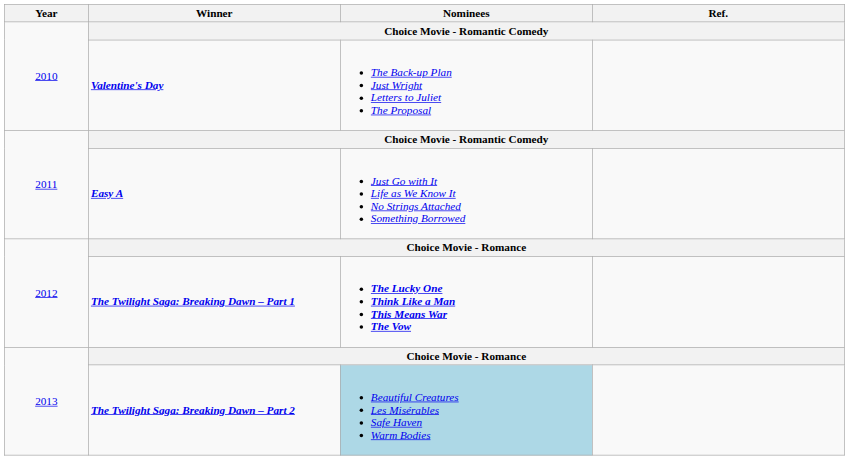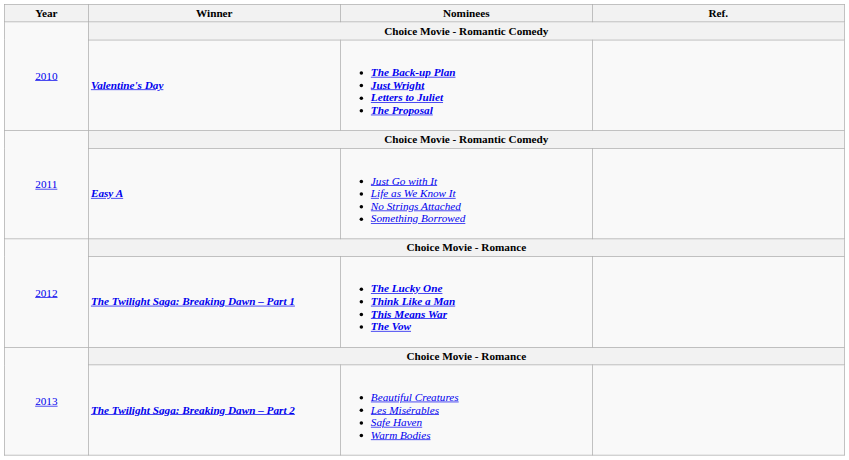 <table class="wikitable" width="95%" cellpadding="5">
 <tr>
 <th width="10%">Year</th>
 <th width="30%">Winner</th>
 <th width="30%">Nominees</th>
 <th width="30%">Ref.</th>
 </tr>
 <tr>
 <td rowspan="2" align="center"><a href='#'>2010</a></td>
 <th colspan="3">Choice Movie - Romantic Comedy</th>
 </tr>
 <tr>
 <td><strong><em><a href='#'>Valentine's Day</a></em></strong></td>
-<td><br><ul><li><em><a href='#'>The Back-up Plan</a></em></li><li><em><a href='#'>Just Wright</a></em></li><li><em><a href='#'>Letters to Juliet</a></em></li><li><em><a href='#'>The Proposal</a></em></li></ul></td>
+<td><strong><br><ul><li><em><a href='#'>The Back-up Plan</a></em></li><li><em><a href='#'>Just Wright</a></em></li><li><em><a href='#'>Letters to Juliet</a></em></li><li><em><a href='#'>The Proposal</a></em></li></ul></strong></td>
 <td align="center"></td>
 </tr>
 <tr>
 <td rowspan="2" align="center"><a href='#'>2011</a></td>
 <th colspan="3">Choice Movie - Romantic Comedy</th>
 </tr>
 <tr>
 <td><strong><em><a href='#'>Easy A</a></em></strong></td>
 <td><br><ul><li><em><a href='#'>Just Go with It</a></em></li><li><em><a href='#'>Life as We Know It</a></em></li><li><em><a href='#'>No Strings Attached</a></em></li><li><em><a href='#'>Something Borrowed</a></em></li></ul></td>
 <td align="center"></td>
 </tr>
 <tr>
 <td rowspan="2" align="center"><a href='#'>2012</a></td>
 <th colspan="3">Choice Movie - Romance</th>
 </tr>
 <tr>
 <td><strong><em><a href='#'>The Twilight Saga: Breaking Dawn – Part 1</a></em></strong></td>
 <td><strong><br><ul><li><em><a href='#'>The Lucky One</a></em></li><li><em><a href='#'>Think Like a Man</a></em></li><li><em><a href='#'>This Means War</a></em></li><li><em><a href='#'>The Vow</a></em></li></ul></strong></td>
 <td align="center"></td>
 </tr>
 <tr>
 <td rowspan="2" align="center"><a href='#'>2013</a></td>
 <th colspan="3">Choice Movie - Romance</th>
 </tr>
 <tr>
 <td><strong><em><a href='#'>The Twilight Saga: Breaking Dawn – Part 2</a></em></strong></td>
-<td style="background: lightblue;"><br><ul><li><em><a href='#'>Beautiful Creatures</a></em></li><li><em><a href='#'>Les Misérables</a></em></li><li><em><a href='#'>Safe Haven</a></em></li><li><em><a href='#'>Warm Bodies</a></em></li></ul></td>
+<td><br><ul><li><em><a href='#'>Beautiful Creatures</a></em></li><li><em><a href='#'>Les Misérables</a></em></li><li><em><a href='#'>Safe Haven</a></em></li><li><em><a href='#'>Warm Bodies</a></em></li></ul></td>
 <td align="center"></td>
 </tr>
 </table>
